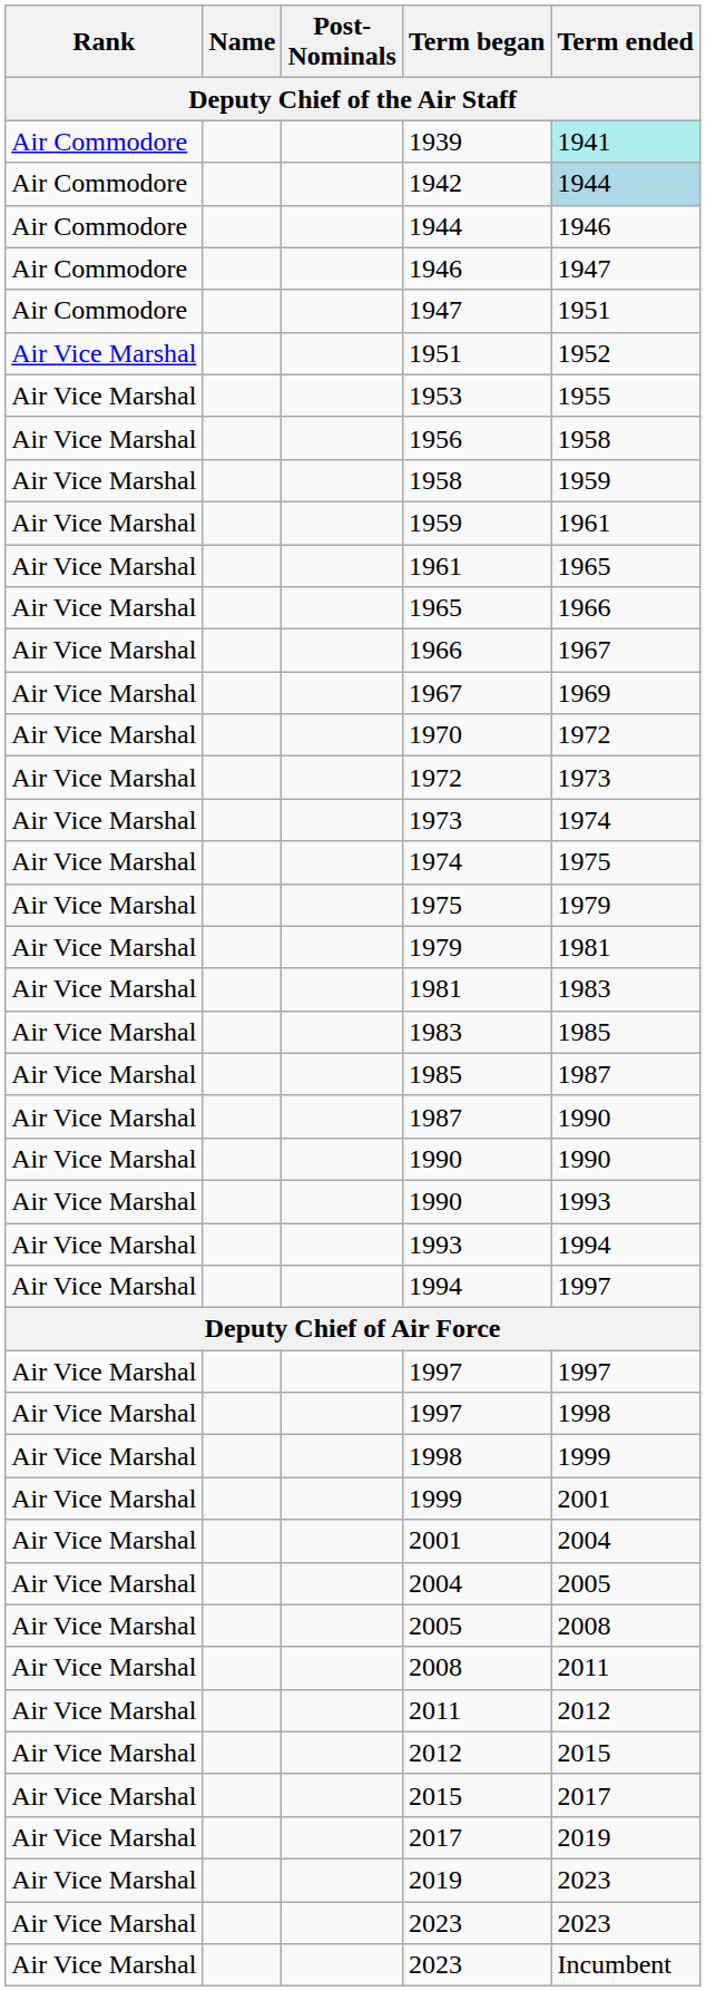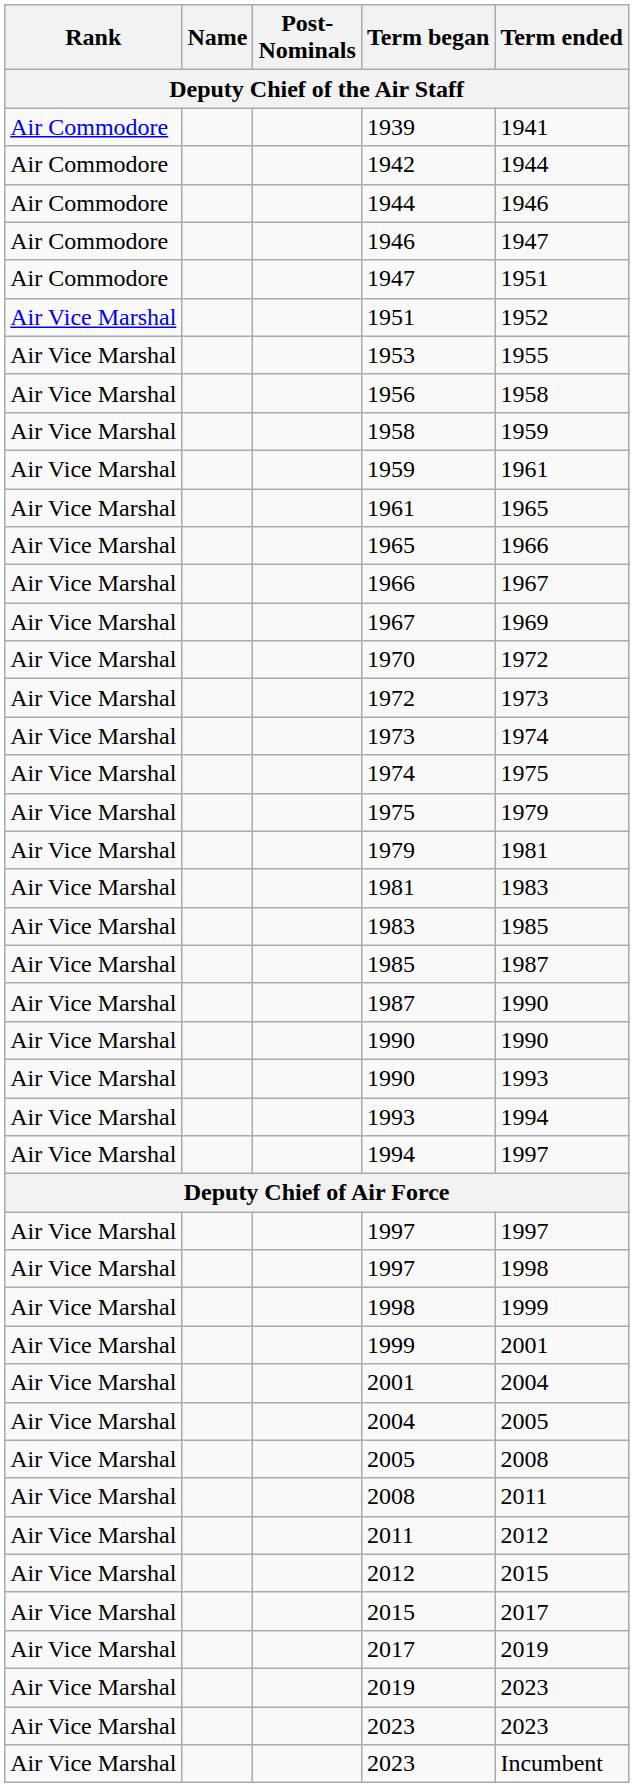 <table class="wikitable sortable">
 <tr>
 <th>Rank</th>
 <th>Name</th>
 <th>Post-<br>Nominals</th>
 <th>Term began</th>
 <th>Term ended</th>
 </tr>
 <tr>
 <th colspan=6 bgcolor="white">Deputy Chief of the Air Staff</th>
 </tr>
 <tr>
 <td><a href='#'>Air Commodore</a></td>
 <td></td>
 <td></td>
 <td>1939</td>
-<td style="background: paleturquoise;">1941</td>
+<td>1941</td>
 </tr>
 <tr>
 <td>Air Commodore</td>
 <td></td>
 <td></td>
 <td>1942</td>
-<td style="background: lightblue;">1944</td>
+<td>1944</td>
 </tr>
 <tr>
 <td>Air Commodore</td>
 <td></td>
 <td></td>
 <td>1944</td>
 <td>1946</td>
 </tr>
 <tr>
 <td>Air Commodore</td>
 <td></td>
 <td></td>
 <td>1946</td>
 <td>1947</td>
 </tr>
 <tr>
 <td>Air Commodore</td>
 <td></td>
 <td></td>
 <td>1947</td>
 <td>1951</td>
 </tr>
 <tr>
 <td><a href='#'>Air Vice Marshal</a></td>
 <td></td>
 <td></td>
 <td>1951</td>
 <td>1952</td>
 </tr>
 <tr>
 <td>Air Vice Marshal</td>
 <td></td>
 <td></td>
 <td>1953</td>
 <td>1955</td>
 </tr>
 <tr>
 <td>Air Vice Marshal</td>
 <td></td>
 <td></td>
 <td>1956</td>
 <td>1958</td>
 </tr>
 <tr>
 <td>Air Vice Marshal</td>
 <td></td>
 <td></td>
 <td>1958</td>
 <td>1959</td>
 </tr>
 <tr>
 <td>Air Vice Marshal</td>
 <td></td>
 <td></td>
 <td>1959</td>
 <td>1961</td>
 </tr>
 <tr>
 <td>Air Vice Marshal</td>
 <td></td>
 <td></td>
 <td>1961</td>
 <td>1965</td>
 </tr>
 <tr>
 <td>Air Vice Marshal</td>
 <td></td>
 <td></td>
 <td>1965</td>
 <td>1966</td>
 </tr>
 <tr>
 <td>Air Vice Marshal</td>
 <td></td>
 <td></td>
 <td>1966</td>
 <td>1967</td>
 </tr>
 <tr>
 <td>Air Vice Marshal</td>
 <td></td>
 <td></td>
 <td>1967</td>
 <td>1969</td>
 </tr>
 <tr>
 <td>Air Vice Marshal</td>
 <td></td>
 <td></td>
 <td>1970</td>
 <td>1972</td>
 </tr>
 <tr>
 <td>Air Vice Marshal</td>
 <td></td>
 <td></td>
 <td>1972</td>
 <td>1973</td>
 </tr>
 <tr>
 <td>Air Vice Marshal</td>
 <td></td>
 <td></td>
 <td>1973</td>
 <td>1974</td>
 </tr>
 <tr>
 <td>Air Vice Marshal</td>
 <td></td>
 <td></td>
 <td>1974</td>
 <td>1975</td>
 </tr>
 <tr>
 <td>Air Vice Marshal</td>
 <td></td>
 <td></td>
 <td>1975</td>
 <td>1979</td>
 </tr>
 <tr>
 <td>Air Vice Marshal</td>
 <td></td>
 <td></td>
 <td>1979</td>
 <td>1981</td>
 </tr>
 <tr>
 <td>Air Vice Marshal</td>
 <td></td>
 <td></td>
 <td>1981</td>
 <td>1983</td>
 </tr>
 <tr>
 <td>Air Vice Marshal</td>
 <td></td>
 <td></td>
 <td>1983</td>
 <td>1985</td>
 </tr>
 <tr>
 <td>Air Vice Marshal</td>
 <td></td>
 <td></td>
 <td>1985</td>
 <td>1987</td>
 </tr>
 <tr>
 <td>Air Vice Marshal</td>
 <td></td>
 <td></td>
 <td>1987</td>
 <td>1990</td>
 </tr>
 <tr>
 <td>Air Vice Marshal</td>
 <td></td>
 <td></td>
 <td>1990</td>
 <td>1990</td>
 </tr>
 <tr>
 <td>Air Vice Marshal</td>
 <td></td>
 <td></td>
 <td>1990</td>
 <td>1993</td>
 </tr>
 <tr>
 <td>Air Vice Marshal</td>
 <td></td>
 <td></td>
 <td>1993</td>
 <td>1994</td>
 </tr>
 <tr>
 <td>Air Vice Marshal</td>
 <td></td>
 <td></td>
 <td>1994</td>
 <td>1997</td>
 </tr>
 <tr>
 <th colspan=6 bgcolor="white">Deputy Chief of Air Force</th>
 </tr>
 <tr>
 <td>Air Vice Marshal</td>
 <td></td>
 <td></td>
 <td>1997</td>
 <td>1997</td>
 </tr>
 <tr>
 <td>Air Vice Marshal</td>
 <td></td>
 <td></td>
 <td>1997</td>
 <td>1998</td>
 </tr>
 <tr>
 <td>Air Vice Marshal</td>
 <td></td>
 <td></td>
 <td>1998</td>
 <td>1999</td>
 </tr>
 <tr>
 <td>Air Vice Marshal</td>
 <td></td>
 <td></td>
 <td>1999</td>
 <td>2001</td>
 </tr>
 <tr>
 <td>Air Vice Marshal</td>
 <td></td>
 <td></td>
 <td>2001</td>
 <td>2004</td>
 </tr>
 <tr>
 <td>Air Vice Marshal</td>
 <td></td>
 <td></td>
 <td>2004</td>
 <td>2005</td>
 </tr>
 <tr>
 <td>Air Vice Marshal</td>
 <td></td>
 <td></td>
 <td>2005</td>
 <td>2008</td>
 </tr>
 <tr>
 <td>Air Vice Marshal</td>
 <td></td>
 <td></td>
 <td>2008</td>
 <td>2011</td>
 </tr>
 <tr>
 <td>Air Vice Marshal</td>
 <td></td>
 <td></td>
 <td>2011</td>
 <td>2012</td>
 </tr>
 <tr>
 <td>Air Vice Marshal</td>
 <td></td>
 <td></td>
 <td>2012</td>
 <td>2015</td>
 </tr>
 <tr>
 <td>Air Vice Marshal</td>
 <td></td>
 <td></td>
 <td>2015</td>
 <td>2017</td>
 </tr>
 <tr>
 <td>Air Vice Marshal</td>
 <td></td>
 <td></td>
 <td>2017</td>
 <td>2019</td>
 </tr>
 <tr>
 <td>Air Vice Marshal</td>
 <td></td>
 <td></td>
 <td>2019</td>
 <td>2023</td>
 </tr>
 <tr>
 <td>Air Vice Marshal</td>
 <td></td>
 <td></td>
 <td>2023</td>
 <td>2023</td>
 </tr>
 <tr>
 <td>Air Vice Marshal</td>
 <td></td>
 <td></td>
 <td>2023</td>
 <td>Incumbent</td>
 </tr>
 </table>
